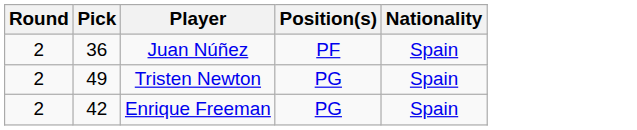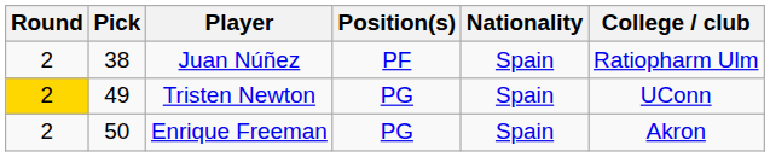 <table class="wikitable sortable sortable">
 <tr>
 <th>Round</th>
 <th>Pick</th>
 <th>Player</th>
 <th>Position(s)</th>
 <th>Nationality</th>
+<th>College / club</th>
 </tr>
 <tr style="text-align: center">
 <td>2</td>
-<td>36</td>
+<td>38</td>
 <td><a href='#'>Juan Núñez</a></td>
 <td><a href='#'>PF</a></td>
 <td> <a href='#'>Spain</a></td>
+<td><a href='#'>Ratiopharm Ulm</a> </td>
 </tr>
 <tr style="text-align: center">
-<td>2</td>
+<td style="background: gold;">2</td>
 <td>49</td>
 <td><a href='#'>Tristen Newton</a></td>
 <td><a href='#'>PG</a></td>
 <td> <a href='#'>Spain</a></td>
+<td><a href='#'>UConn</a></td>
 </tr>
 <tr style="text-align: center">
 <td>2</td>
-<td>42</td>
+<td>50</td>
 <td><a href='#'>Enrique Freeman</a></td>
 <td><a href='#'>PG</a></td>
 <td> <a href='#'>Spain</a></td>
+<td><a href='#'>Akron</a></td>
 </tr>
 </table>
